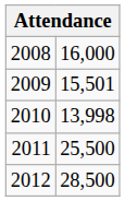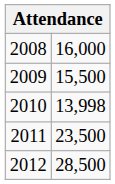 <table class="wikitable" style="float:right; clear: right; margin:7px; text-size:80%; text-align:right">
 <tr>
 <th style="text-align:center;" colspan="2">Attendance</th>
 </tr>
 <tr>
 <td>2008</td>
 <td>16,000</td>
 </tr>
 <tr>
 <td>2009</td>
-<td>15,501</td>
+<td>15,500</td>
 </tr>
 <tr>
 <td>2010</td>
 <td>13,998</td>
 </tr>
 <tr>
 <td>2011</td>
-<td>25,500</td>
+<td>23,500</td>
 </tr>
 <tr>
 <td>2012</td>
 <td>28,500</td>
 </tr>
 </table>
